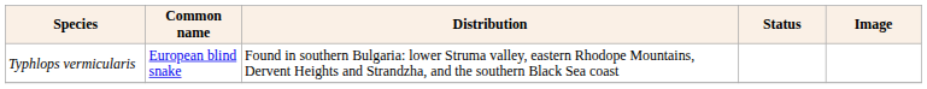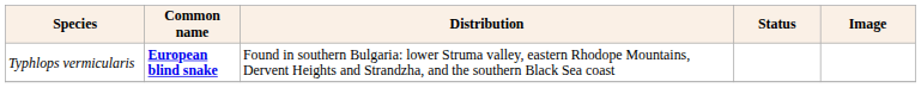 <table class="sortable wikitable plainrowheaders" border="0" style="background:#ffffff" align="top" class="sortable wikitable">
 <tr ->
 <th scope="col" style="background-color:Linen; color:Black" width=150 px>Species</th>
 <th scope="col" style="background-color:Linen; color:Black" width=100 px>Common name</th>
 <th scope="col" style="background:Linen; color:Black" width=550 px>Distribution</th>
 <th scope="col" style="background-color:Linen; color:Black" width=90 px>Status</th>
 <th scope="col" style="background:Linen; color:Black" width=100 px>Image</th>
 </tr>
 <tr>
 <td !scope="row" style="background:#ffffff"><em>Typhlops vermicularis</em></td>
-<td><a href='#'>European blind snake</a></td>
+<td><strong><a href='#'>European blind snake</a></strong></td>
 <td>Found in southern Bulgaria: lower Struma valley, eastern Rhodope Mountains, Dervent Heights and Strandzha, and the southern Black Sea coast</td>
 <td></td>
 <td></td>
 </tr>
 <tr>
 </tr>
 </table>
